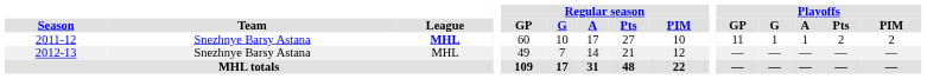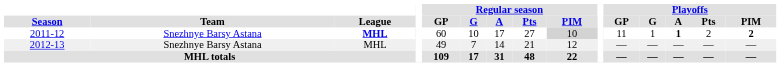 <table BORDER="0" CELLPADDING="0" CELLSPACING="0" width="75%" style="text-align:center">
 <tr bgcolor="#e0e0e0">
 <th colspan="3" bgcolor="#ffffff"> </th>
 <th rowspan="99" bgcolor="#ffffff"> </th>
 <th colspan="5"><a href='#'>Regular season</a></th>
 <th rowspan="99" bgcolor="#ffffff"> </th>
 <th colspan="5"><a href='#'>Playoffs</a></th>
 </tr>
 <tr bgcolor="#e0e0e0">
 <th><a href='#'>Season</a></th>
 <th>Team</th>
 <th>League</th>
 <th>GP</th>
 <th><a href='#'>G</a></th>
 <th><a href='#'>A</a></th>
 <th><a href='#'>Pts</a></th>
 <th><a href='#'>PIM</a></th>
 <th>GP</th>
 <th>G</th>
 <th>A</th>
 <th>Pts</th>
 <th>PIM</th>
 </tr>
 <tr>
 <td><a href='#'>2011-12</a></td>
 <td><a href='#'>Snezhnye Barsy Astana</a></td>
 <td><strong><a href='#'>MHL</a></strong></td>
 <td>60</td>
 <td>10</td>
 <td>17</td>
 <td>27</td>
-<td>10</td>
+<td style="background: lightgrey;">10</td>
 <td>11</td>
 <td>1</td>
-<td>1</td>
+<td><strong>1</strong></td>
 <td>2</td>
-<td>2</td>
+<td><strong>2</strong></td>
 </tr>
 <tr bgcolor="#f0f0f0">
 <td><a href='#'>2012-13</a></td>
 <td>Snezhnye Barsy Astana</td>
 <td>MHL</td>
 <td>49</td>
 <td>7</td>
 <td>14</td>
 <td>21</td>
 <td>12</td>
 <td>—</td>
 <td>—</td>
 <td>—</td>
 <td>—</td>
 <td>—</td>
 </tr>
 <tr style="background:#e0e0e0;">
 <th colspan="3">MHL totals</th>
 <th>109</th>
 <th>17</th>
 <th>31</th>
 <th>48</th>
 <th>22</th>
 <th>—</th>
 <th>—</th>
 <th>—</th>
 <th>—</th>
 <th>—</th>
 </tr>
 </table>
